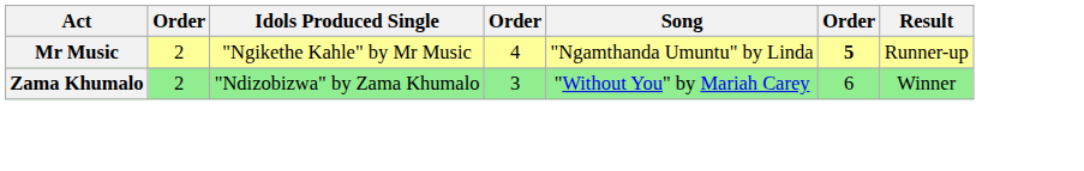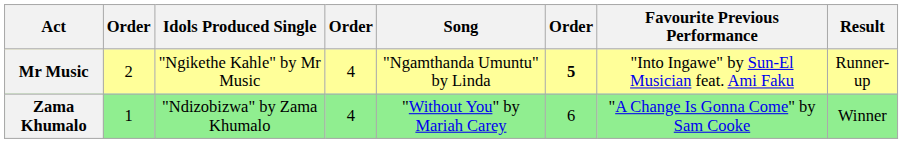 <table class="wikitable plainrowheaders" style="text-align:center;">
 <tr>
 <th scope"col">Act</th>
 <th scope"col">Order</th>
 <th scope"col">Idols Produced Single</th>
 <th scope"col">Order</th>
 <th scope"col">Song</th>
 <th scope"col">Order</th>
+<th scope"col">Favourite Previous Performance</th>
 <th scope="col">Result</th>
 </tr>
 <tr style="background: #ff9">
 <th scope=row>Mr Music</th>
 <td>2</td>
 <td>"Ngikethe Kahle" by Mr Music</td>
 <td>4</td>
 <td>"Ngamthanda Umuntu" by Linda</td>
 <td><strong>5</strong></td>
+<td>"Into Ingawe" by <a href='#'>Sun-El Musician</a> feat. <a href='#'>Ami Faku</a></td>
 <td>Runner-up</td>
 </tr>
 <tr style="background: lightgreen">
 <th scope=row><strong>Zama Khumalo</strong></th>
-<td>2</td>
+<td>1</td>
 <td>"Ndizobizwa" by Zama Khumalo</td>
-<td>3</td>
+<td>4</td>
 <td>"<a href='#'>Without You</a>" by <a href='#'>Mariah Carey</a></td>
 <td>6</td>
+<td>"<a href='#'>A Change Is Gonna Come</a>" by <a href='#'>Sam Cooke</a></td>
 <td>Winner</td>
 </tr>
 </table>
